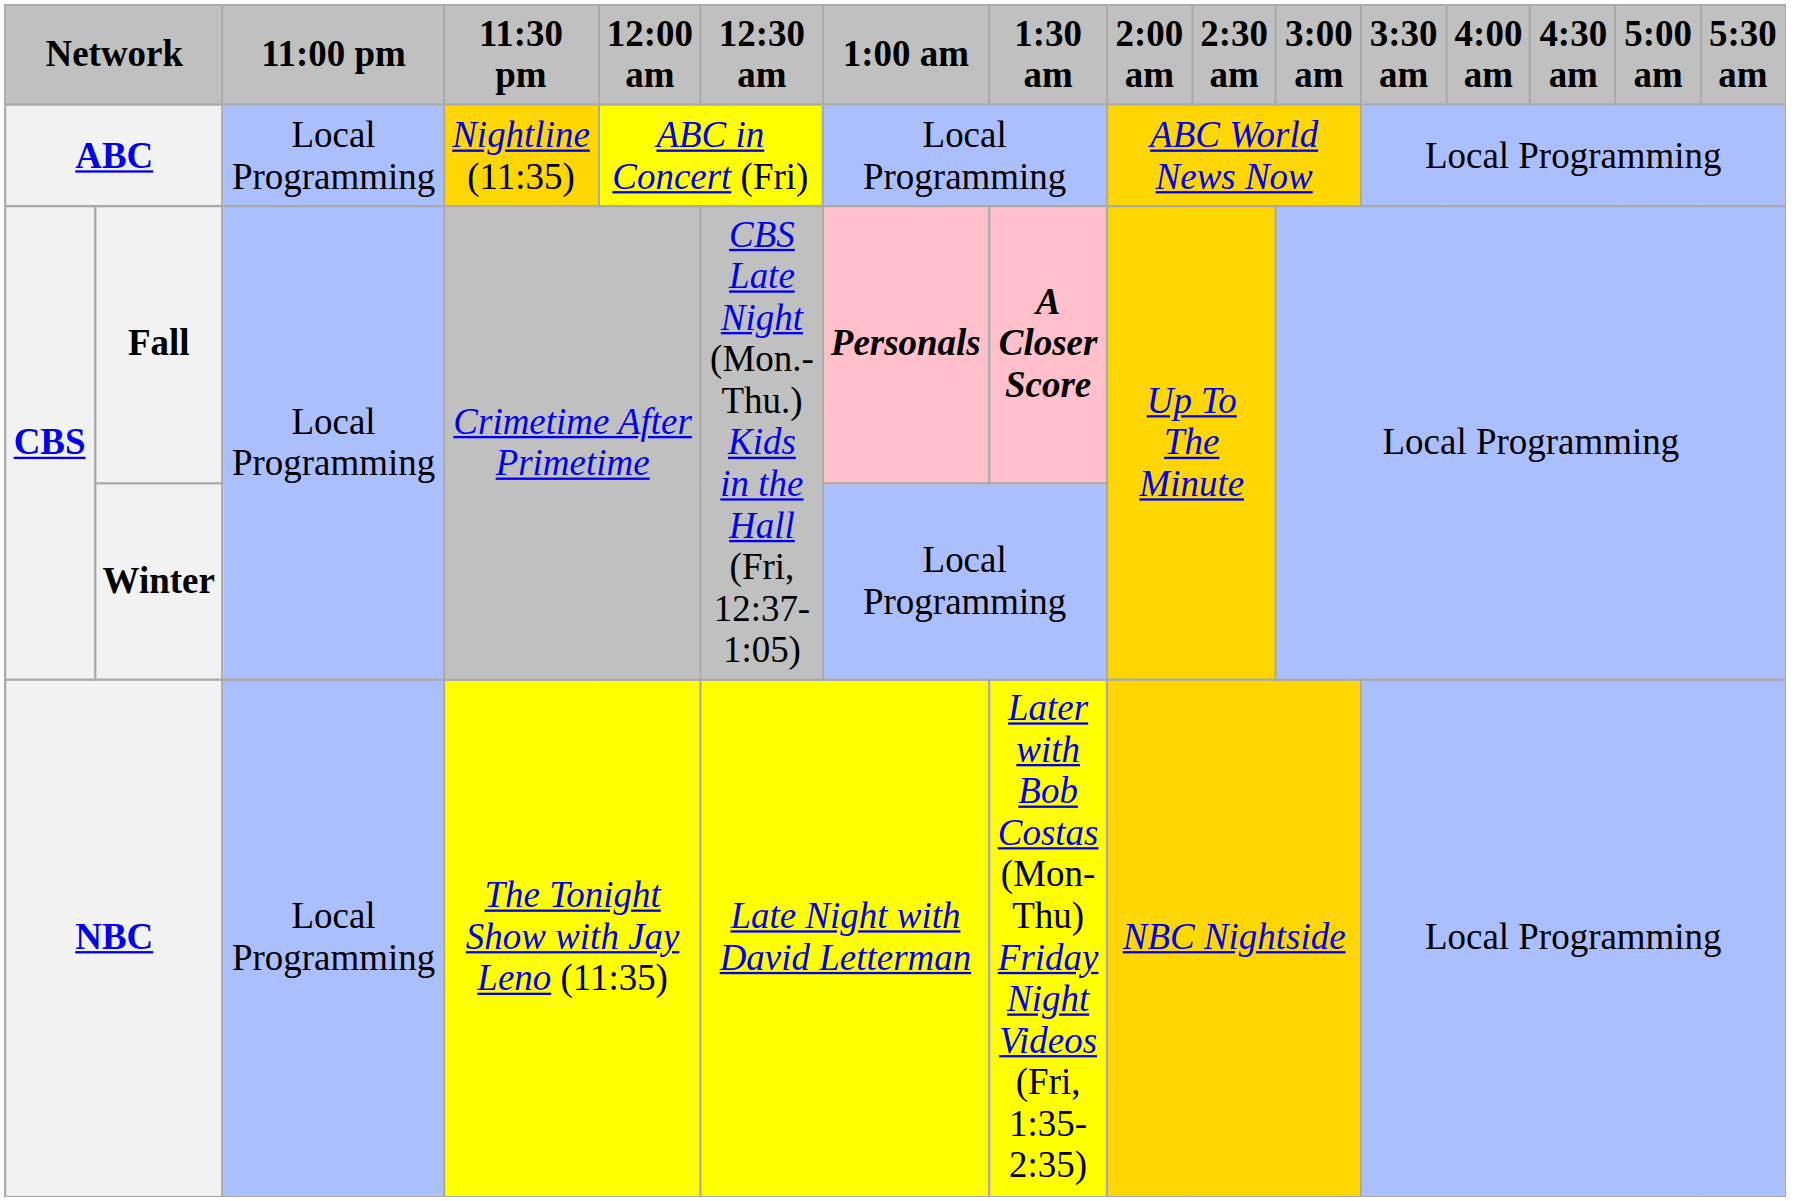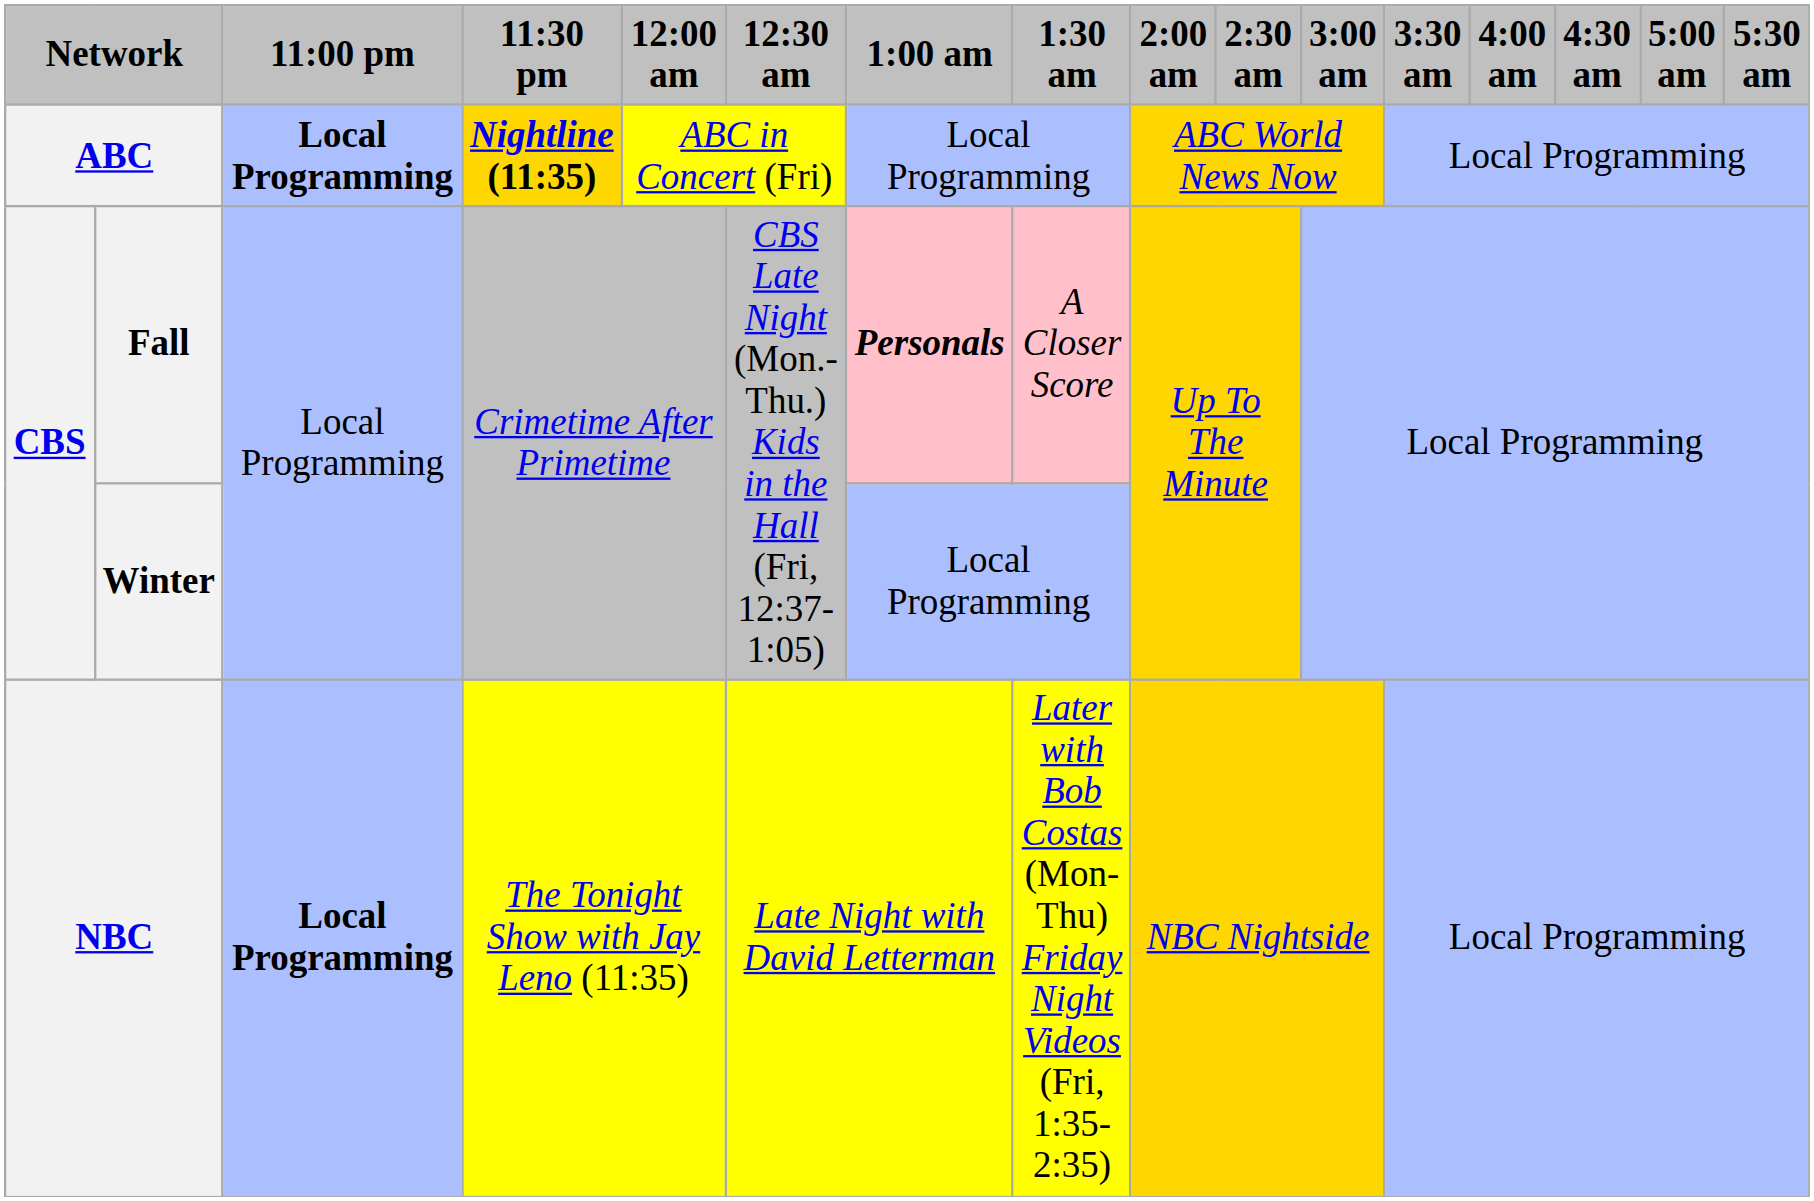 <table class="wikitable" style="width:100%;margin-right:0;text-align:center">
 <tr>
 <th colspan="2" style="background-color:#C0C0C0;text-align:center">Network</th>
 <th style="background-color:#C0C0C0;text-align:center">11:00 pm</th>
 <th style="background-color:#C0C0C0;text-align:center">11:30 pm</th>
 <th style="background-color:#C0C0C0;text-align:center">12:00 am</th>
 <th style="background-color:#C0C0C0;text-align:center">12:30 am</th>
 <th style="background-color:#C0C0C0;text-align:center">1:00 am</th>
 <th style="background-color:#C0C0C0;text-align:center">1:30 am</th>
 <th style="background-color:#C0C0C0;text-align:center">2:00 am</th>
 <th style="background-color:#C0C0C0;text-align:center">2:30 am</th>
 <th style="background-color:#C0C0C0;text-align:center">3:00 am</th>
 <th style="background-color:#C0C0C0;text-align:center">3:30 am</th>
 <th style="background-color:#C0C0C0;text-align:center">4:00 am</th>
 <th style="background-color:#C0C0C0;text-align:center">4:30 am</th>
 <th style="background-color:#C0C0C0;text-align:center">5:00 am</th>
 <th style="background-color:#C0C0C0;text-align:center">5:30 am</th>
 </tr>
 <tr>
 <th colspan="2"><a href='#'>ABC</a></th>
-<td colspan="1" style="background:#abbfff">Local Programming</td>
-<td colspan="1" style="background:gold"><em><a href='#'>Nightline</a></em> (11:35)</td>
+<td colspan="1" style="background:#abbfff"><strong>Local Programming</strong></td>
+<td colspan="1" style="background:gold"><strong><em><a href='#'>Nightline</a></em> (11:35)</strong></td>
 <td colspan="2" style="background:yellow"><em><a href='#'>ABC in Concert</a></em> (Fri)</td>
 <td colspan="2" style="background:#abbfff">Local Programming</td>
 <td colspan="3" style="background:gold"><em><a href='#'>ABC World News Now</a></em></td>
 <td colspan="5" style="background:#abbfff">Local Programming</td>
 </tr>
 <tr>
 <th colspan="1" rowspan=2><a href='#'>CBS</a></th>
 <th>Fall</th>
 <td colspan="1" rowspan="2" style="background:#abbfff">Local Programming</td>
 <td colspan="2" rowspan="2" style="background:#C0C0C0"><em><a href='#'>Crimetime After Primetime</a></em></td>
 <td colspan="1" rowspan="2" style="background:#C0C0C0"><em><a href='#'>CBS Late Night</a></em> (Mon.-Thu.) <br> <em><a href='#'>Kids in the Hall</a></em> (Fri, 12:37-1:05)</td>
 <td colspan="1" rowspan="1" style="background:pink"><strong><em>Personals</em></strong></td>
-<td colspan="1" rowspan="1" style="background:pink"><strong><em>A Closer Score</em></strong></td>
+<td colspan="1" rowspan="1" style="background:pink"><em>A Closer Score</em></td>
 <td colspan="2" rowspan="2" style="background:gold"><em><a href='#'>Up To The Minute</a></em></td>
 <td colspan="8" rowspan="2" style="background:#abbfff">Local Programming</td>
 </tr>
 <tr>
 <th>Winter</th>
 <td colspan="2" style="background:#abbfff">Local Programming</td>
 </tr>
 <tr>
 <th colspan="2"><a href='#'>NBC</a></th>
-<td colspan="1" style="background:#abbfff">Local Programming</td>
+<td colspan="1" style="background:#abbfff"><strong>Local Programming</strong></td>
 <td colspan="2" style="background:yellow"><em><a href='#'>The Tonight Show with Jay Leno</a></em> (11:35)</td>
 <td colspan="2" style="background:yellow"><em><a href='#'>Late Night with David Letterman</a></em></td>
 <td colspan="1" style="background:yellow"><em><a href='#'>Later with Bob Costas</a></em> (Mon-Thu) <br> <em><a href='#'>Friday Night Videos</a></em> (Fri, 1:35-2:35)</td>
 <td colspan="3" style="background:gold"><em><a href='#'>NBC Nightside</a></em></td>
 <td colspan="6" style="background:#abbfff">Local Programming</td>
 </tr>
 <tr>
 </tr>
 </table>
